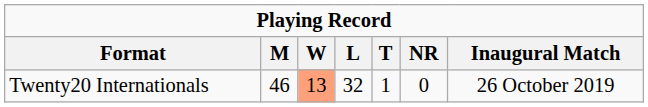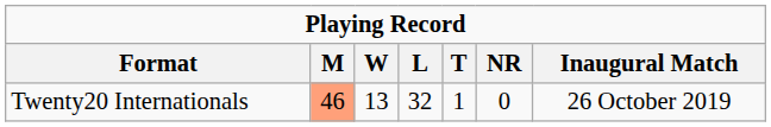 <table class="wikitable" style="text-align: center; width: 500px;">
 <tr>
 <td colspan=7 align="center"><strong>Playing Record</strong></td>
 </tr>
 <tr>
 <th>Format</th>
 <th>M</th>
 <th>W</th>
 <th>L</th>
 <th>T</th>
 <th>NR</th>
 <th>Inaugural Match</th>
 </tr>
 <tr>
 <td align="left">Twenty20 Internationals</td>
-<td>46</td>
-<td style="background: lightsalmon;">13</td>
+<td style="background: lightsalmon;">46</td>
+<td>13</td>
 <td>32</td>
 <td>1</td>
 <td>0</td>
 <td>26 October 2019</td>
 </tr>
 </table>
